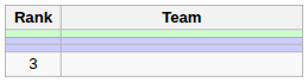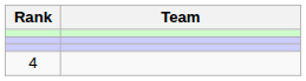 <table class="wikitable" style="text-align: center;">
 <tr>
 <th width=50>Rank</th>
 <th width=240>Team</th>
 </tr>
 <tr bgcolor=ccffcc>
 <td></td>
 <td align=left></td>
 </tr>
 <tr bgcolor=ccccff>
 <td></td>
 <td align=left></td>
 </tr>
 <tr bgcolor=ccccff>
 <td></td>
 <td align=left></td>
 </tr>
 <tr>
-<td>3</td>
+<td>4</td>
 <td align=left></td>
 </tr>
 </table>
